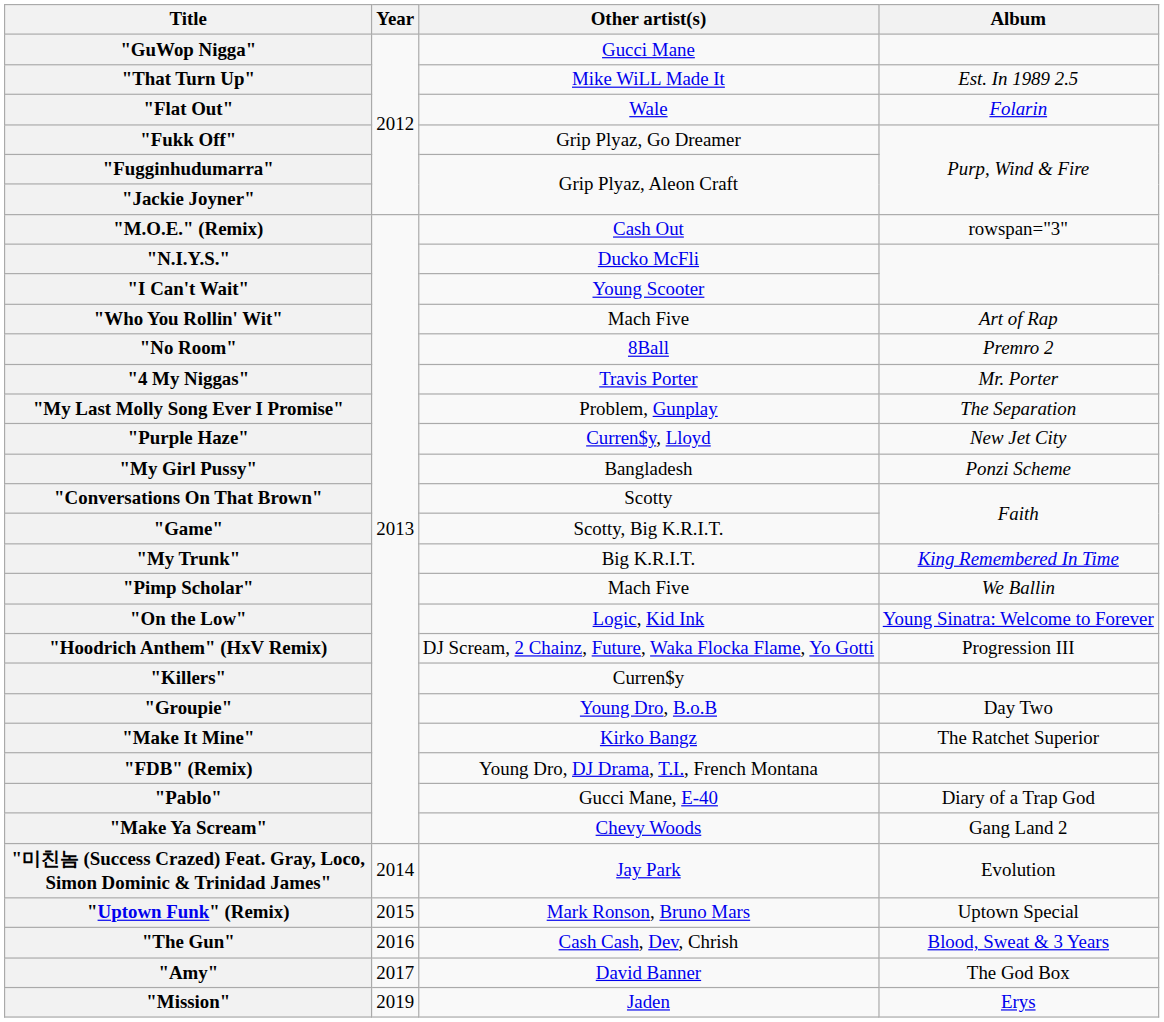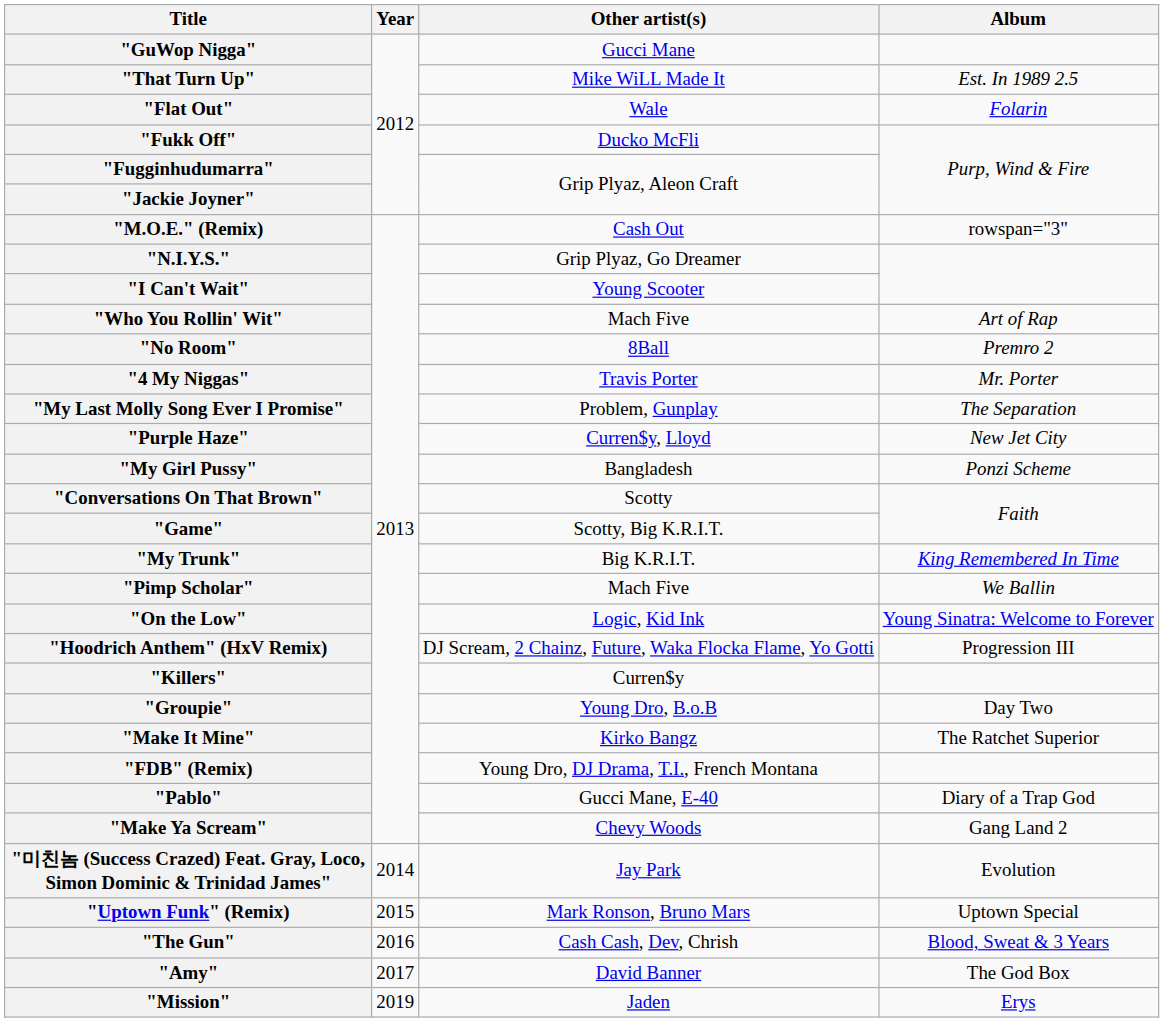 <table class="wikitable plainrowheaders" style="text-align:center;">
 <tr>
 <th scope="col" style="width:19em;">Title</th>
 <th scope="col">Year</th>
 <th scope="col">Other artist(s)</th>
 <th scope="col">Album</th>
 </tr>
 <tr>
 <th scope="row">"GuWop Nigga"</th>
 <td rowspan="6">2012</td>
 <td><a href='#'>Gucci Mane</a></td>
 <td></td>
 </tr>
 <tr>
 <th scope="row">"That Turn Up"</th>
 <td><a href='#'>Mike WiLL Made It</a></td>
 <td><em>Est. In 1989 2.5</em></td>
 </tr>
 <tr>
 <th scope="row">"Flat Out"</th>
 <td><a href='#'>Wale</a></td>
 <td><em><a href='#'>Folarin</a></em></td>
 </tr>
 <tr>
 <th scope="row">"Fukk Off"</th>
-<td>Grip Plyaz, Go Dreamer</td>
+<td><a href='#'>Ducko McFli</a></td>
 <td rowspan="3"><em>Purp, Wind & Fire</em></td>
 </tr>
 <tr>
 <th scope="row">"Fugginhudumarra"</th>
 <td rowspan="2">Grip Plyaz, Aleon Craft</td>
 </tr>
 <tr>
 <th scope="row">"Jackie Joyner"</th>
 </tr>
 <tr>
 <th scope="row">"M.O.E." (Remix)</th>
 <td rowspan="21">2013</td>
 <td><a href='#'>Cash Out</a></td>
 <td>rowspan="3" </td>
 </tr>
 <tr>
 <th scope="row">"N.I.Y.S."</th>
-<td><a href='#'>Ducko McFli</a></td>
+<td>Grip Plyaz, Go Dreamer</td>
 </tr>
 <tr>
 <th scope="row">"I Can't Wait"</th>
 <td><a href='#'>Young Scooter</a></td>
 </tr>
 <tr>
 <th scope="row">"Who You Rollin' Wit"</th>
 <td>Mach Five</td>
 <td><em>Art of Rap</em></td>
 </tr>
 <tr>
 <th scope="row">"No Room"</th>
 <td><a href='#'>8Ball</a></td>
 <td><em>Premro 2</em></td>
 </tr>
 <tr>
 <th scope="row">"4 My Niggas"</th>
 <td><a href='#'>Travis Porter</a></td>
 <td><em>Mr. Porter</em></td>
 </tr>
 <tr>
 <th scope="row">"My Last Molly Song Ever I Promise"</th>
 <td>Problem, <a href='#'>Gunplay</a></td>
 <td><em>The Separation</em></td>
 </tr>
 <tr>
 <th scope="row">"Purple Haze"</th>
 <td><a href='#'>Curren$y</a>, <a href='#'>Lloyd</a></td>
 <td><em>New Jet City</em></td>
 </tr>
 <tr>
 <th scope="row">"My Girl Pussy"</th>
 <td>Bangladesh</td>
 <td><em>Ponzi Scheme</em></td>
 </tr>
 <tr>
 <th scope="row">"Conversations On That Brown"</th>
 <td>Scotty</td>
 <td rowspan="2"><em>Faith</em></td>
 </tr>
 <tr>
 <th scope="row">"Game"</th>
 <td>Scotty, Big K.R.I.T.</td>
 </tr>
 <tr>
 <th scope="row">"My Trunk"</th>
 <td>Big K.R.I.T.</td>
 <td><em><a href='#'>King Remembered In Time</a></em></td>
 </tr>
 <tr>
 <th scope="row">"Pimp Scholar"</th>
 <td>Mach Five</td>
 <td><em>We Ballin<strong></td>
 </tr>
 <tr>
 <th scope="row">"On the Low"</th>
 <td><a href='#'>Logic</a>, <a href='#'>Kid Ink</a></td>
 <td></em><a href='#'>Young Sinatra: Welcome to Forever</a><em></td>
 </tr>
 <tr>
 <th scope="row">"Hoodrich Anthem" (HxV Remix)</th>
 <td>DJ Scream, <a href='#'>2 Chainz</a>, <a href='#'>Future</a>, <a href='#'>Waka Flocka Flame</a>, <a href='#'>Yo Gotti</a></td>
 <td></em>Progression III<em></td>
 </tr>
 <tr>
 <th scope="row">"Killers"</th>
 <td>Curren$y</td>
 <td></td>
 </tr>
 <tr>
 <th scope="row">"Groupie"</th>
 <td><a href='#'>Young Dro</a>, <a href='#'>B.o.B</a></td>
 <td></em>Day Two<em></td>
 </tr>
 <tr>
 <th scope="row">"Make It Mine"</th>
 <td><a href='#'>Kirko Bangz</a></td>
 <td></em>The Ratchet Superior<em></td>
 </tr>
 <tr>
 <th scope="row">"FDB" (Remix)</th>
 <td>Young Dro, <a href='#'>DJ Drama</a>, <a href='#'>T.I.</a>, French Montana</td>
 <td></td>
 </tr>
 <tr>
 <th scope="row">"Pablo"</th>
 <td>Gucci Mane, <a href='#'>E-40</a></td>
 <td></em>Diary of a Trap God<em></td>
 </tr>
 <tr>
 <th scope="row">"Make Ya Scream"</th>
 <td><a href='#'>Chevy Woods</a></td>
 <td></em>Gang Land 2<em></td>
 </tr>
 <tr>
 <th scope="row">"미친놈 (Success Crazed) Feat. Gray, Loco, Simon Dominic & Trinidad James"</th>
 <td>2014</td>
 <td><a href='#'>Jay Park</a></td>
 <td></em>Evolution<em></td>
 </tr>
 <tr>
 <th scope="row">"<a href='#'>Uptown Funk</a>" (Remix)</th>
 <td>2015</td>
 <td><a href='#'>Mark Ronson</a>, <a href='#'>Bruno Mars</a></td>
 <td></em>Uptown Special<em></td>
 </tr>
 <tr>
 <th scope="row">"The Gun"</th>
 <td>2016</td>
 <td><a href='#'>Cash Cash</a>, <a href='#'>Dev</a>, Chrish</td>
 <td></em><a href='#'>Blood, Sweat & 3 Years</a><em></td>
 </tr>
 <tr>
 <th scope="row">"Amy"</th>
 <td>2017</td>
 <td><a href='#'>David Banner</a></td>
 <td></em>The God Box<em></td>
 </tr>
 <tr>
 <th scope="row">"Mission"</th>
 <td>2019</td>
 <td><a href='#'>Jaden</a></td>
 <td></em><a href='#'>Erys</a><em></td>
 </tr>
 </table>
